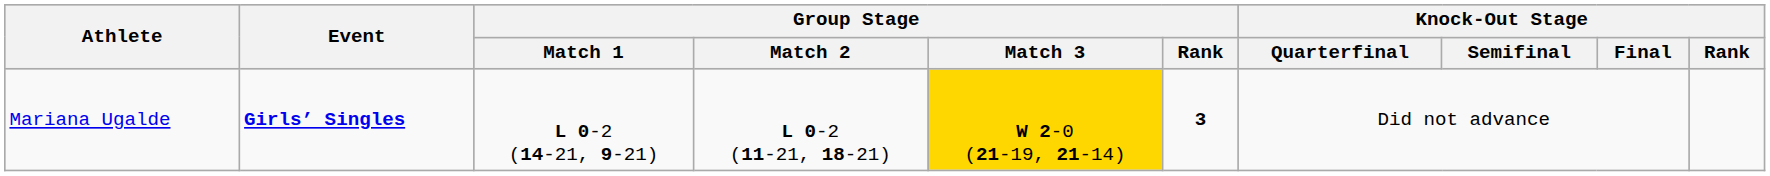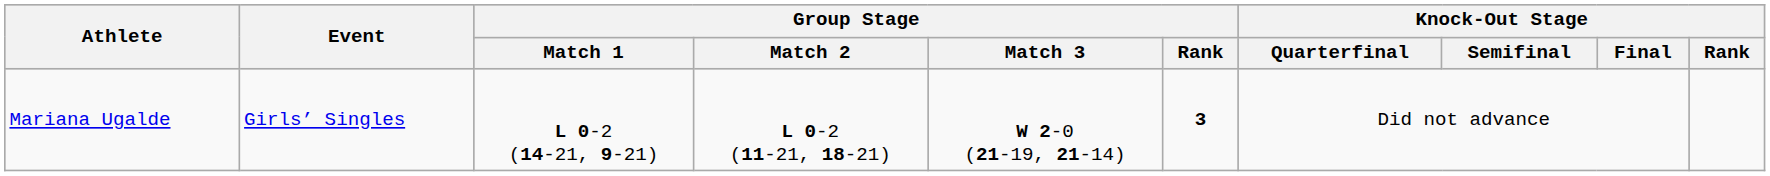 <table class="wikitable" width="85%" style="text-align:left; font-size:90%">
 <tr>
 <th rowspan=2>Athlete</th>
 <th rowspan=2>Event</th>
 <th colspan=4>Group Stage</th>
 <th colspan=4>Knock-Out Stage</th>
 </tr>
 <tr>
 <th>Match 1</th>
 <th>Match 2</th>
 <th>Match 3</th>
 <th>Rank</th>
 <th>Quarterfinal</th>
 <th>Semifinal</th>
 <th>Final</th>
 <th>Rank</th>
 </tr>
 <tr>
 <td><a href='#'>Mariana Ugalde</a></td>
-<td><strong><a href='#'>Girls’ Singles</a></strong></td>
+<td><a href='#'>Girls’ Singles</a></td>
 <td align=center> <br><br><strong>L</strong> <strong>0</strong>-2 <br> (<strong>14</strong>-21, <strong>9</strong>-21)</td>
 <td align=center> <br><br><strong>L</strong> <strong>0</strong>-2 <br> (<strong>11</strong>-21, <strong>18</strong>-21)</td>
-<td align=center style="background: gold;"> <br><br><strong>W</strong> <strong>2</strong>-0 <br> (<strong>21</strong>-19, <strong>21</strong>-14)</td>
+<td align=center> <br><br><strong>W</strong> <strong>2</strong>-0 <br> (<strong>21</strong>-19, <strong>21</strong>-14)</td>
 <td align=center><strong>3</strong></td>
 <td colspan="3" align=center>Did not advance</td>
 <td align=center></td>
 </tr>
 </table>
